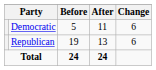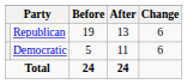 <table class="wikitable" style="text-align:center;">
 <tr>
 </tr>
 <tr>
 <th colspan=2>Party</th>
 <th>Before</th>
 <th>After</th>
 <th>Change</th>
 </tr>
 <tr>
 <th style="background-color:"></th>
-<td style="text-align:left;"><a href='#'>Democratic</a></td>
-<td>5</td>
-<td>11</td>
+<td style="text-align:left;"><a href='#'>Republican</a></td>
+<td>19</td>
+<td>13</td>
 <td> 6</td>
 </tr>
 <tr>
 <th style="background-color:"></th>
-<td style="text-align:left;"><a href='#'>Republican</a></td>
-<td>19</td>
-<td>13</td>
+<td style="text-align:left;"><a href='#'>Democratic</a></td>
+<td>5</td>
+<td>11</td>
 <td> 6</td>
 </tr>
 <tr>
 <td colspan=2><strong>Total</strong></td>
 <td><strong>24</strong></td>
 <td><strong>24</strong></td>
 <td></td>
 </tr>
 </table>
